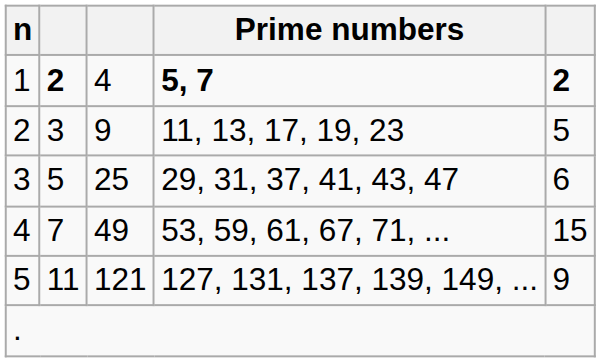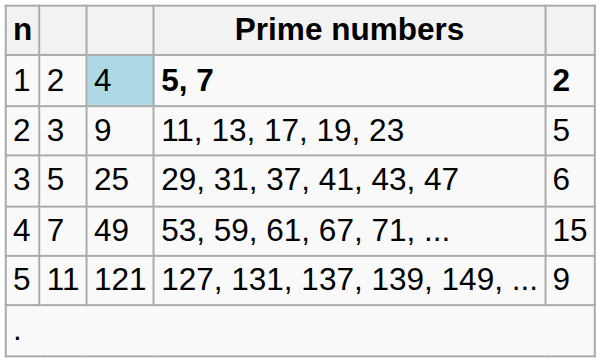 <table class="wikitable" style="float:right; margin:10px;">
 <tr>
 <th>n</th>
 <th></th>
 <th></th>
 <th>Prime numbers</th>
 <th></th>
 </tr>
 <tr>
 <td>1</td>
-<td><strong>2</strong></td>
-<td>4</td>
+<td>2</td>
+<td style="background: lightblue;">4</td>
 <td><strong>5, 7</strong></td>
 <td><strong>2</strong></td>
 </tr>
 <tr>
 <td>2</td>
 <td>3</td>
 <td>9</td>
 <td>11, 13, 17, 19, 23</td>
 <td>5</td>
 </tr>
 <tr>
 <td>3</td>
 <td>5</td>
 <td>25</td>
 <td>29, 31, 37, 41, 43, 47</td>
 <td>6</td>
 </tr>
 <tr>
 <td>4</td>
 <td>7</td>
 <td>49</td>
 <td>53, 59, 61, 67, 71, ...</td>
 <td>15</td>
 </tr>
 <tr>
 <td>5</td>
 <td>11</td>
 <td>121</td>
 <td>127, 131, 137, 139, 149, ...</td>
 <td>9</td>
 </tr>
 <tr>
 <td colspan=5>.</td>
 </tr>
 </table>
